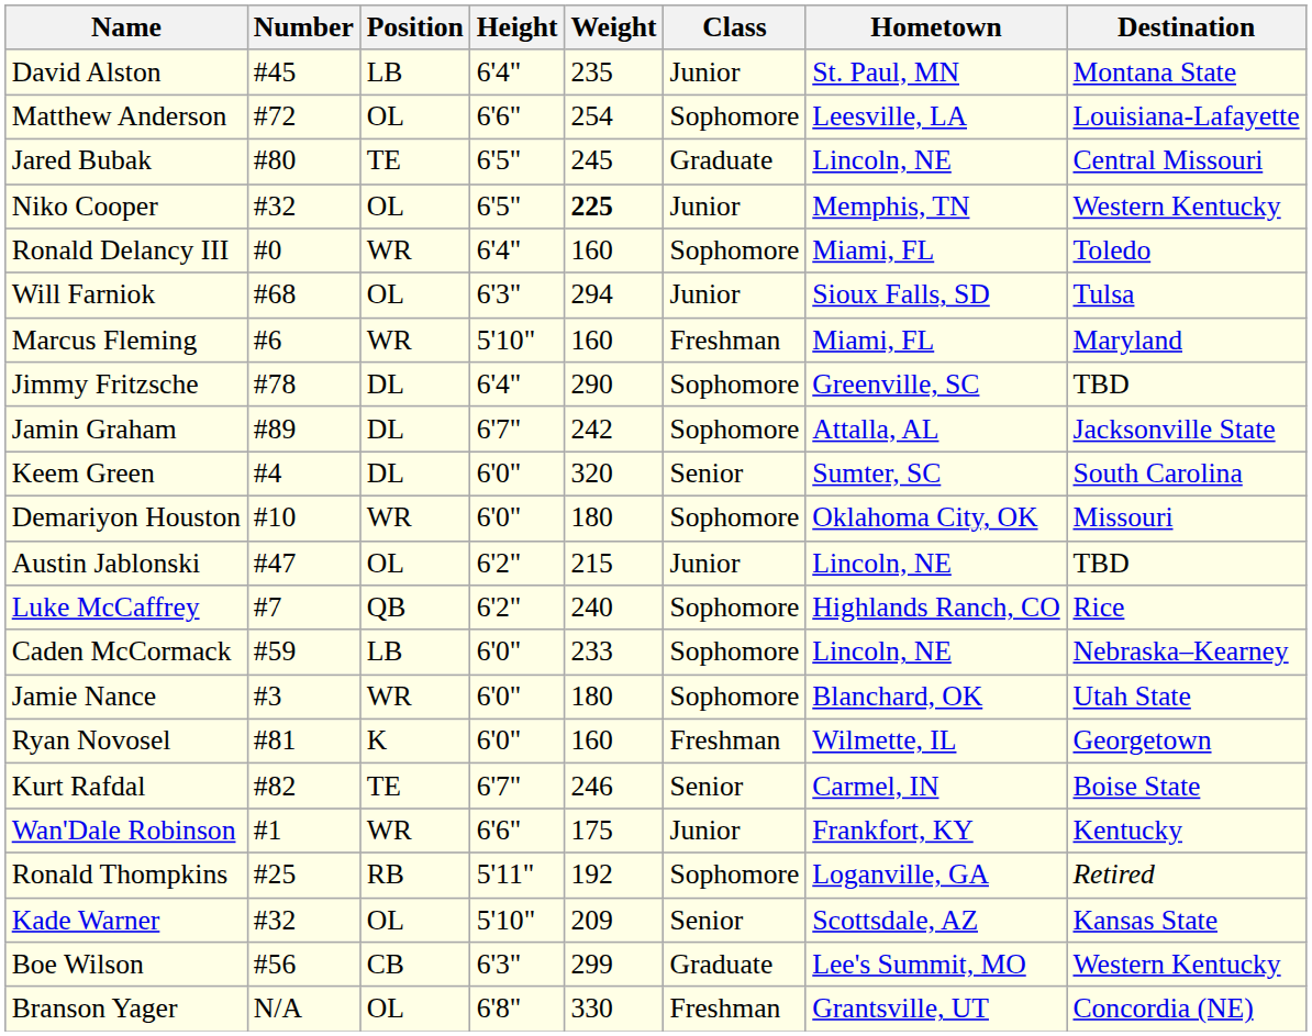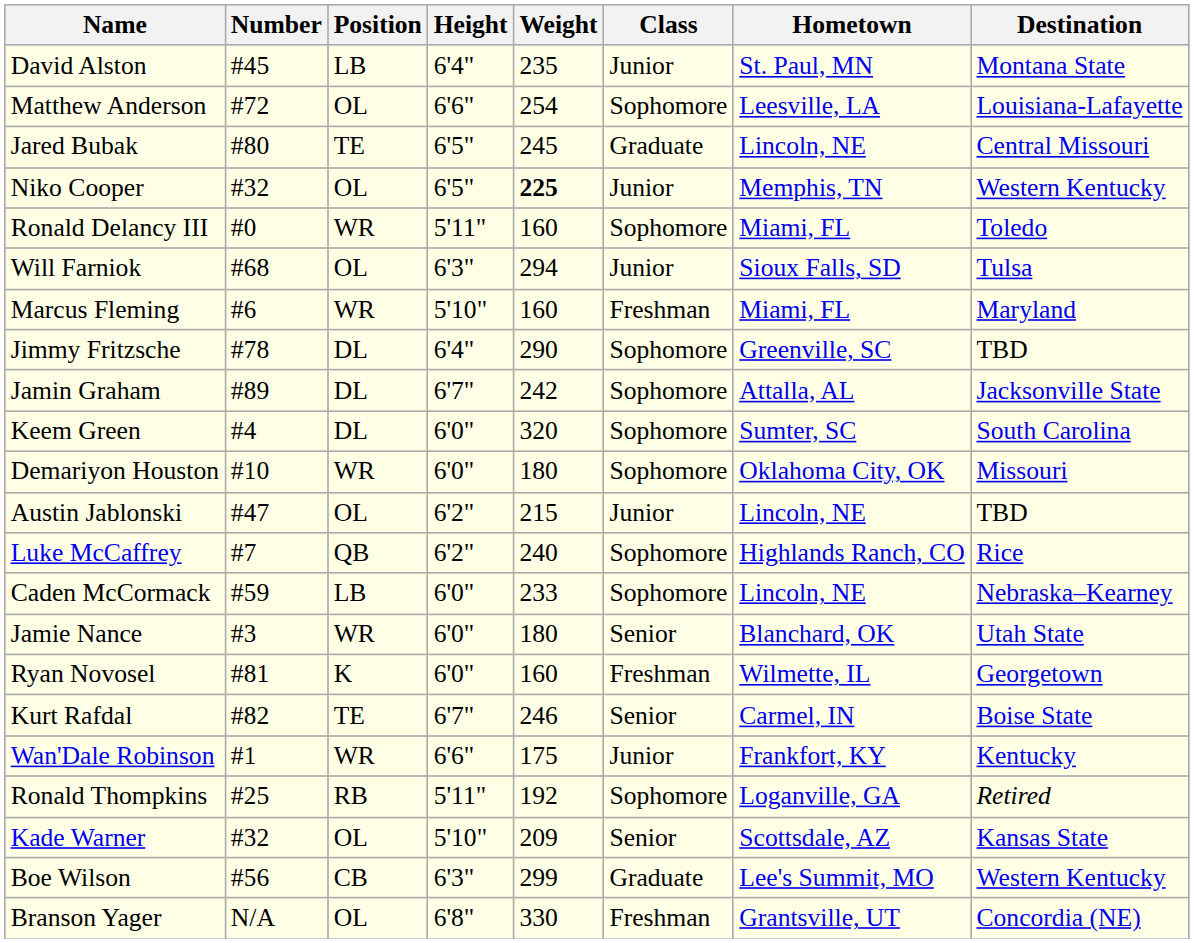 <table class="wikitable sortable">
 <tr>
 <th>Name</th>
 <th>Number</th>
 <th>Position</th>
 <th>Height</th>
 <th>Weight</th>
 <th>Class</th>
 <th>Hometown</th>
 <th>Destination</th>
 </tr>
 <tr style="background:#FFFFE6;">
 <td>David Alston</td>
 <td>#45</td>
 <td>LB</td>
 <td>6'4"</td>
 <td>235</td>
 <td>Junior</td>
 <td><a href='#'>St. Paul, MN</a></td>
 <td><a href='#'>Montana State</a></td>
 </tr>
 <tr style="background:#FFFFE6;">
 <td>Matthew Anderson</td>
 <td>#72</td>
 <td>OL</td>
 <td>6'6"</td>
 <td>254</td>
 <td>Sophomore</td>
 <td><a href='#'>Leesville, LA</a></td>
 <td><a href='#'>Louisiana-Lafayette</a></td>
 </tr>
 <tr style="background:#FFFFE6;">
 <td>Jared Bubak</td>
 <td>#80</td>
 <td>TE</td>
 <td>6'5"</td>
 <td>245</td>
 <td>Graduate</td>
 <td><a href='#'>Lincoln, NE</a></td>
 <td><a href='#'>Central Missouri</a></td>
 </tr>
 <tr style="background:#FFFFE6;">
 <td>Niko Cooper</td>
 <td>#32</td>
 <td>OL</td>
 <td>6'5"</td>
 <td><strong>225</strong></td>
 <td>Junior</td>
 <td><a href='#'>Memphis, TN</a></td>
 <td><a href='#'>Western Kentucky</a></td>
 </tr>
 <tr style="background:#FFFFE6;">
 <td>Ronald Delancy III</td>
 <td>#0</td>
 <td>WR</td>
-<td>6'4"</td>
+<td>5'11"</td>
 <td>160</td>
 <td>Sophomore</td>
 <td><a href='#'>Miami, FL</a></td>
 <td><a href='#'>Toledo</a></td>
 </tr>
 <tr style="background:#FFFFE6;">
 <td>Will Farniok</td>
 <td>#68</td>
 <td>OL</td>
 <td>6'3"</td>
 <td>294</td>
 <td>Junior</td>
 <td><a href='#'>Sioux Falls, SD</a></td>
 <td><a href='#'>Tulsa</a></td>
 </tr>
 <tr style="background:#FFFFE6;">
 <td>Marcus Fleming</td>
 <td>#6</td>
 <td>WR</td>
 <td>5'10"</td>
 <td>160</td>
 <td>Freshman</td>
 <td><a href='#'>Miami, FL</a></td>
 <td><a href='#'>Maryland</a></td>
 </tr>
 <tr style="background:#FFFFE6;">
 <td>Jimmy Fritzsche</td>
 <td>#78</td>
 <td>DL</td>
 <td>6'4"</td>
 <td>290</td>
 <td>Sophomore</td>
 <td><a href='#'>Greenville, SC</a></td>
 <td>TBD</td>
 </tr>
 <tr style="background:#FFFFE6;">
 <td>Jamin Graham</td>
 <td>#89</td>
 <td>DL</td>
 <td>6'7"</td>
 <td>242</td>
 <td>Sophomore</td>
 <td><a href='#'>Attalla, AL</a></td>
 <td><a href='#'>Jacksonville State</a></td>
 </tr>
 <tr style="background:#FFFFE6;">
 <td>Keem Green</td>
 <td>#4</td>
 <td>DL</td>
 <td>6'0"</td>
 <td>320</td>
-<td>Senior</td>
+<td>Sophomore</td>
 <td><a href='#'>Sumter, SC</a></td>
 <td><a href='#'>South Carolina</a></td>
 </tr>
 <tr style="background:#FFFFE6;">
 <td>Demariyon Houston</td>
 <td>#10</td>
 <td>WR</td>
 <td>6'0"</td>
 <td>180</td>
 <td>Sophomore</td>
 <td><a href='#'>Oklahoma City, OK</a></td>
 <td><a href='#'>Missouri</a></td>
 </tr>
 <tr style="background:#FFFFE6;">
 <td>Austin Jablonski</td>
 <td>#47</td>
 <td>OL</td>
 <td>6'2"</td>
 <td>215</td>
 <td>Junior</td>
 <td><a href='#'>Lincoln, NE</a></td>
 <td>TBD</td>
 </tr>
 <tr style="background:#FFFFE6;">
 <td><a href='#'>Luke McCaffrey</a></td>
 <td>#7</td>
 <td>QB</td>
 <td>6'2"</td>
 <td>240</td>
 <td>Sophomore</td>
 <td><a href='#'>Highlands Ranch, CO</a></td>
 <td Louisville Cardinals football team><a href='#'>Rice</a></td>
 </tr>
 <tr style="background:#FFFFE6;">
 <td>Caden McCormack</td>
 <td>#59</td>
 <td>LB</td>
 <td>6'0"</td>
 <td>233</td>
 <td>Sophomore</td>
 <td><a href='#'>Lincoln, NE</a></td>
 <td><a href='#'>Nebraska–Kearney</a></td>
 </tr>
 <tr style="background:#FFFFE6;">
 <td>Jamie Nance</td>
 <td>#3</td>
 <td>WR</td>
 <td>6'0"</td>
 <td>180</td>
-<td>Sophomore</td>
+<td>Senior</td>
 <td><a href='#'>Blanchard, OK</a></td>
 <td><a href='#'>Utah State</a></td>
 </tr>
 <tr style="background:#FFFFE6;">
 <td>Ryan Novosel</td>
 <td>#81</td>
 <td>K</td>
 <td>6'0"</td>
 <td>160</td>
 <td>Freshman</td>
 <td><a href='#'>Wilmette, IL</a></td>
 <td><a href='#'>Georgetown</a></td>
 </tr>
 <tr style="background:#FFFFE6;">
 <td>Kurt Rafdal</td>
 <td>#82</td>
 <td>TE</td>
 <td>6'7"</td>
 <td>246</td>
 <td>Senior</td>
 <td><a href='#'>Carmel, IN</a></td>
 <td><a href='#'>Boise State</a></td>
 </tr>
 <tr style="background:#FFFFE6;">
 <td><a href='#'>Wan'Dale Robinson</a></td>
 <td>#1</td>
 <td>WR</td>
 <td>6'6"</td>
 <td>175</td>
 <td>Junior</td>
 <td><a href='#'>Frankfort, KY</a></td>
 <td><a href='#'>Kentucky</a></td>
 </tr>
 <tr style="background:#FFFFE6;">
 <td>Ronald Thompkins</td>
 <td>#25</td>
 <td>RB</td>
 <td>5'11"</td>
 <td>192</td>
 <td>Sophomore</td>
 <td><a href='#'>Loganville, GA</a></td>
 <td><em>Retired</em></td>
 </tr>
 <tr style="background:#FFFFE6;">
 <td><a href='#'>Kade Warner</a></td>
 <td>#32</td>
 <td>OL</td>
 <td>5'10"</td>
 <td>209</td>
 <td>Senior</td>
 <td><a href='#'>Scottsdale, AZ</a></td>
 <td><a href='#'>Kansas State</a></td>
 </tr>
 <tr style="background:#FFFFE6;">
 <td>Boe Wilson</td>
 <td>#56</td>
 <td>CB</td>
 <td>6'3"</td>
 <td>299</td>
 <td>Graduate</td>
 <td><a href='#'>Lee's Summit, MO</a></td>
 <td><a href='#'>Western Kentucky</a></td>
 </tr>
 <tr style="background:#FFFFE6;">
 <td>Branson Yager</td>
 <td>N/A</td>
 <td>OL</td>
 <td>6'8"</td>
 <td>330</td>
 <td>Freshman</td>
 <td><a href='#'>Grantsville, UT</a></td>
 <td><a href='#'>Concordia (NE)</a></td>
 </tr>
 </table>
